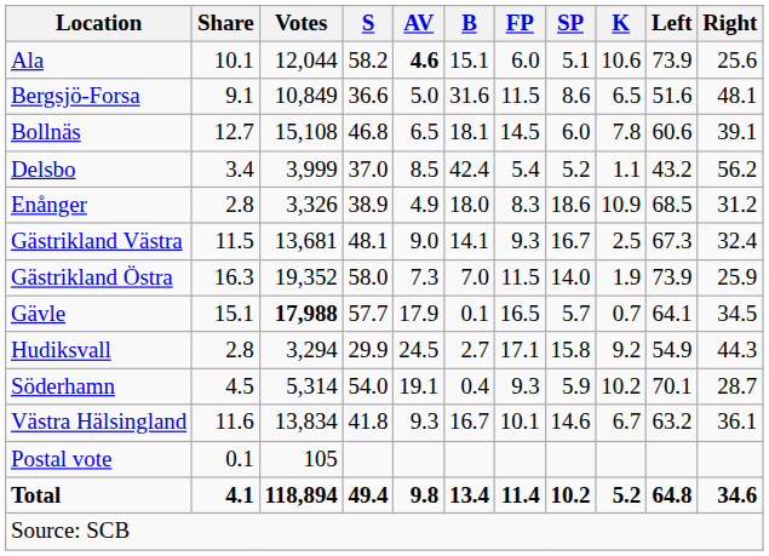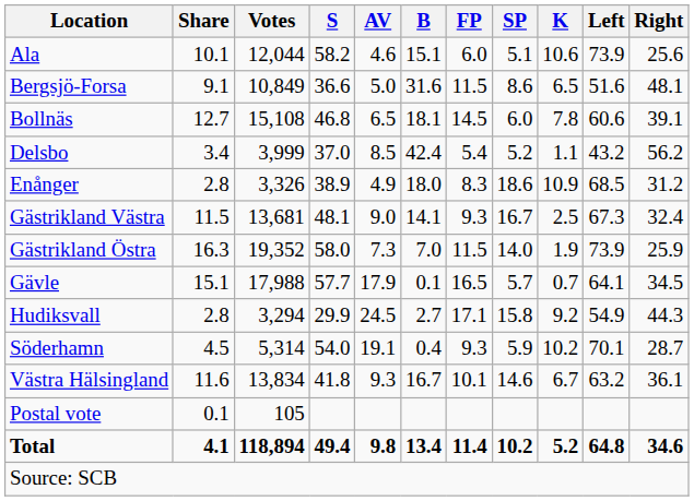 <table class="wikitable sortable" style=text-align:right>
 <tr>
 <th>Location</th>
 <th>Share</th>
 <th>Votes</th>
 <th><a href='#'>S</a></th>
 <th><a href='#'>AV</a></th>
 <th><a href='#'>B</a></th>
 <th><a href='#'>FP</a></th>
 <th><a href='#'>SP</a></th>
 <th><a href='#'>K</a></th>
 <th>Left</th>
 <th>Right</th>
 </tr>
 <tr>
 <td align=left><a href='#'>Ala</a></td>
 <td>10.1</td>
 <td>12,044</td>
 <td>58.2</td>
-<td><strong>4.6</strong></td>
+<td>4.6</td>
 <td>15.1</td>
 <td>6.0</td>
 <td>5.1</td>
 <td>10.6</td>
 <td>73.9</td>
 <td>25.6</td>
 </tr>
 <tr>
 <td align=left><a href='#'>Bergsjö-Forsa</a></td>
 <td>9.1</td>
 <td>10,849</td>
 <td>36.6</td>
 <td>5.0</td>
 <td>31.6</td>
 <td>11.5</td>
 <td>8.6</td>
 <td>6.5</td>
 <td>51.6</td>
 <td>48.1</td>
 </tr>
 <tr>
 <td align=left><a href='#'>Bollnäs</a></td>
 <td>12.7</td>
 <td>15,108</td>
 <td>46.8</td>
 <td>6.5</td>
 <td>18.1</td>
 <td>14.5</td>
 <td>6.0</td>
 <td>7.8</td>
 <td>60.6</td>
 <td>39.1</td>
 </tr>
 <tr>
 <td align=left><a href='#'>Delsbo</a></td>
 <td>3.4</td>
 <td>3,999</td>
 <td>37.0</td>
 <td>8.5</td>
 <td>42.4</td>
 <td>5.4</td>
 <td>5.2</td>
 <td>1.1</td>
 <td>43.2</td>
 <td>56.2</td>
 </tr>
 <tr>
 <td align=left><a href='#'>Enånger</a></td>
 <td>2.8</td>
 <td>3,326</td>
 <td>38.9</td>
 <td>4.9</td>
 <td>18.0</td>
 <td>8.3</td>
 <td>18.6</td>
 <td>10.9</td>
 <td>68.5</td>
 <td>31.2</td>
 </tr>
 <tr>
 <td align=left><a href='#'>Gästrikland Västra</a></td>
 <td>11.5</td>
 <td>13,681</td>
 <td>48.1</td>
 <td>9.0</td>
 <td>14.1</td>
 <td>9.3</td>
 <td>16.7</td>
 <td>2.5</td>
 <td>67.3</td>
 <td>32.4</td>
 </tr>
 <tr>
 <td align=left><a href='#'>Gästrikland Östra</a></td>
 <td>16.3</td>
 <td>19,352</td>
 <td>58.0</td>
 <td>7.3</td>
 <td>7.0</td>
 <td>11.5</td>
 <td>14.0</td>
 <td>1.9</td>
 <td>73.9</td>
 <td>25.9</td>
 </tr>
 <tr>
 <td align=left><a href='#'>Gävle</a></td>
 <td>15.1</td>
-<td><strong>17,988</strong></td>
+<td>17,988</td>
 <td>57.7</td>
 <td>17.9</td>
 <td>0.1</td>
 <td>16.5</td>
 <td>5.7</td>
 <td>0.7</td>
 <td>64.1</td>
 <td>34.5</td>
 </tr>
 <tr>
 <td align=left><a href='#'>Hudiksvall</a></td>
 <td>2.8</td>
 <td>3,294</td>
 <td>29.9</td>
 <td>24.5</td>
 <td>2.7</td>
 <td>17.1</td>
 <td>15.8</td>
 <td>9.2</td>
 <td>54.9</td>
 <td>44.3</td>
 </tr>
 <tr>
 <td align=left><a href='#'>Söderhamn</a></td>
 <td>4.5</td>
 <td>5,314</td>
 <td>54.0</td>
 <td>19.1</td>
 <td>0.4</td>
 <td>9.3</td>
 <td>5.9</td>
 <td>10.2</td>
 <td>70.1</td>
 <td>28.7</td>
 </tr>
 <tr>
 <td align=left><a href='#'>Västra Hälsingland</a></td>
 <td>11.6</td>
 <td>13,834</td>
 <td>41.8</td>
 <td>9.3</td>
 <td>16.7</td>
 <td>10.1</td>
 <td>14.6</td>
 <td>6.7</td>
 <td>63.2</td>
 <td>36.1</td>
 </tr>
 <tr>
 <td align=left><a href='#'>Postal vote</a></td>
 <td>0.1</td>
 <td>105</td>
 <td></td>
 <td></td>
 <td></td>
 <td></td>
 <td></td>
 <td></td>
 <td></td>
 <td></td>
 </tr>
 <tr>
 <td align=left><strong>Total</strong></td>
 <td><strong>4.1</strong></td>
 <td><strong>118,894</strong></td>
 <td><strong>49.4</strong></td>
 <td><strong>9.8</strong></td>
 <td><strong>13.4</strong></td>
 <td><strong>11.4</strong></td>
 <td><strong>10.2</strong></td>
 <td><strong>5.2</strong></td>
 <td><strong>64.8</strong></td>
 <td><strong>34.6</strong></td>
 </tr>
 <tr>
 <td align=left colspan=11>Source: SCB </td>
 </tr>
 </table>
